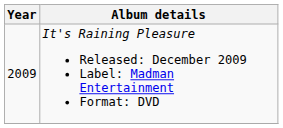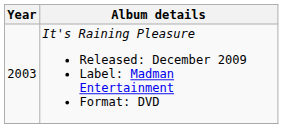 <table class="wikitable" border="1">
 <tr>
 <th>Year</th>
 <th width="250">Album details</th>
 </tr>
 <tr>
-<td>2009</td>
+<td>2003</td>
 <td><em>It's Raining Pleasure</em><br><ul><li>Released: December 2009</li><li>Label: <a href='#'>Madman Entertainment</a></li><li>Format: DVD</li></ul></td>
 </tr>
 <tr>
 </tr>
 </table>
